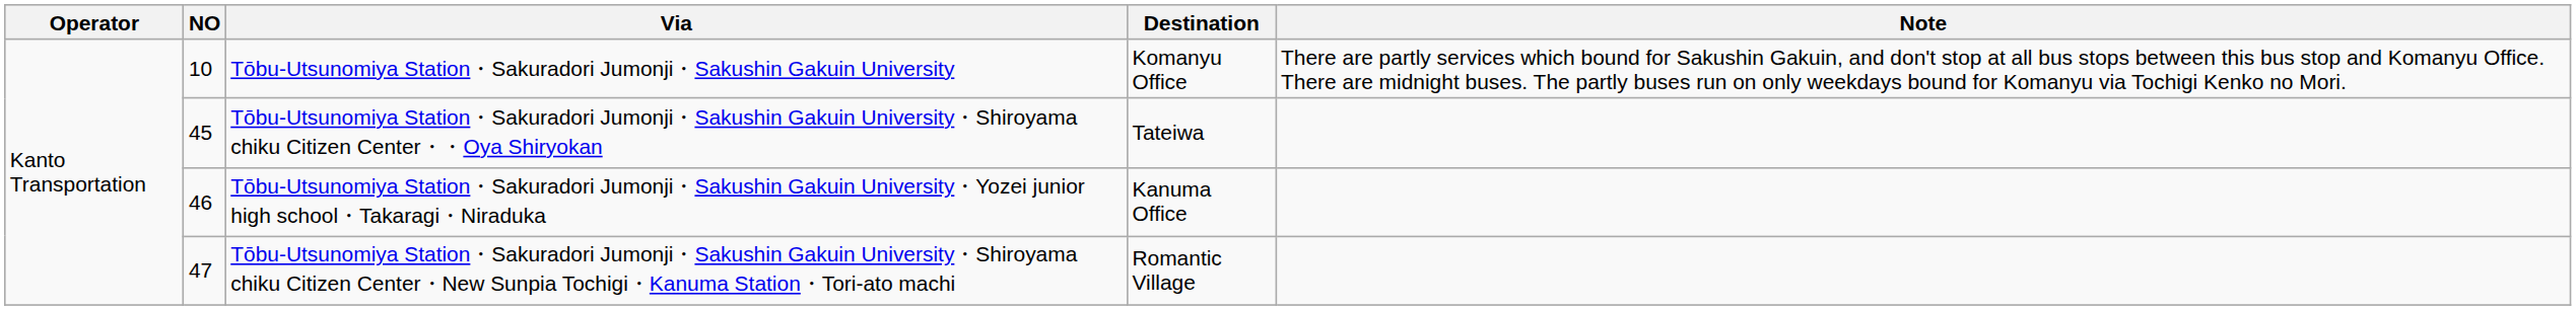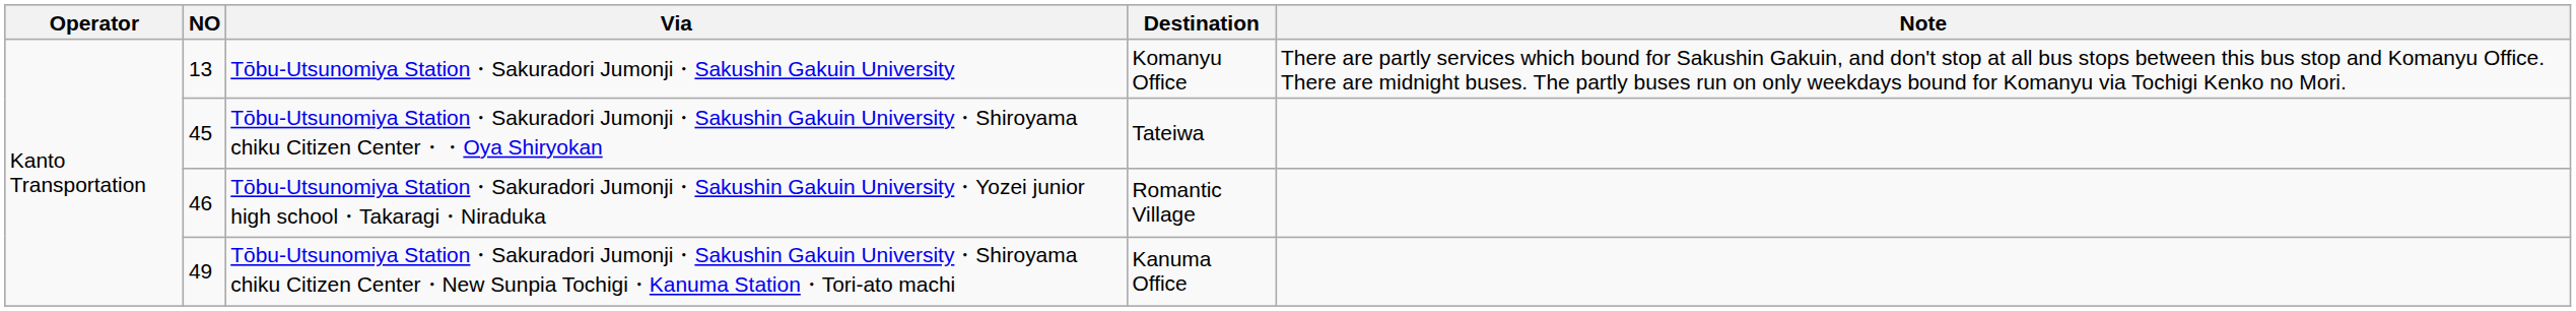 <table class="wikitable" style="font-size:small">
 <tr>
 <th>Operator</th>
 <th>NO</th>
 <th>Via</th>
 <th>Destination</th>
 <th>Note</th>
 </tr>
 <tr>
 <td rowspan="4">Kanto Transportation</td>
-<td>10</td>
+<td>13</td>
 <td><a href='#'>Tōbu-Utsunomiya Station</a>・Sakuradori Jumonji・<a href='#'>Sakushin Gakuin University</a></td>
 <td>Komanyu Office</td>
 <td>There are partly services which bound for Sakushin Gakuin, and don't stop at all bus stops between this bus stop and Komanyu Office. There are midnight buses. The partly buses run on only weekdays bound for Komanyu via Tochigi Kenko no Mori.</td>
 </tr>
 <tr>
 <td>45</td>
 <td><a href='#'>Tōbu-Utsunomiya Station</a>・Sakuradori Jumonji・<a href='#'>Sakushin Gakuin University</a>・Shiroyama chiku Citizen Center・・<a href='#'>Oya Shiryokan</a></td>
 <td>Tateiwa</td>
 <td></td>
 </tr>
 <tr>
 <td>46</td>
 <td><a href='#'>Tōbu-Utsunomiya Station</a>・Sakuradori Jumonji・<a href='#'>Sakushin Gakuin University</a>・Yozei junior high school・Takaragi・Niraduka</td>
+<td>Romantic Village</td>
+<td></td>
+</tr>
+<tr>
+<td>49</td>
+<td><a href='#'>Tōbu-Utsunomiya Station</a>・Sakuradori Jumonji・<a href='#'>Sakushin Gakuin University</a>・Shiroyama chiku Citizen Center・New Sunpia Tochigi・<a href='#'>Kanuma Station</a>・Tori-ato machi</td>
 <td>Kanuma Office</td>
 <td></td>
 </tr>
-<tr>
-<td>47</td>
-<td><a href='#'>Tōbu-Utsunomiya Station</a>・Sakuradori Jumonji・<a href='#'>Sakushin Gakuin University</a>・Shiroyama chiku Citizen Center・New Sunpia Tochigi・<a href='#'>Kanuma Station</a>・Tori-ato machi</td>
-<td>Romantic Village</td>
-<td></td>
-</tr>
 </table>
